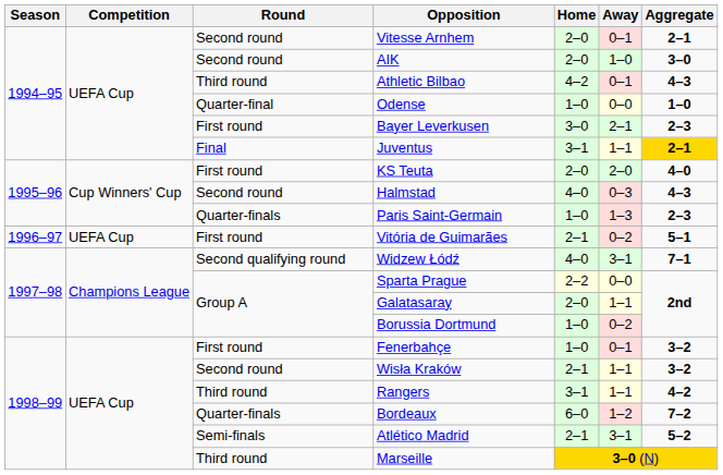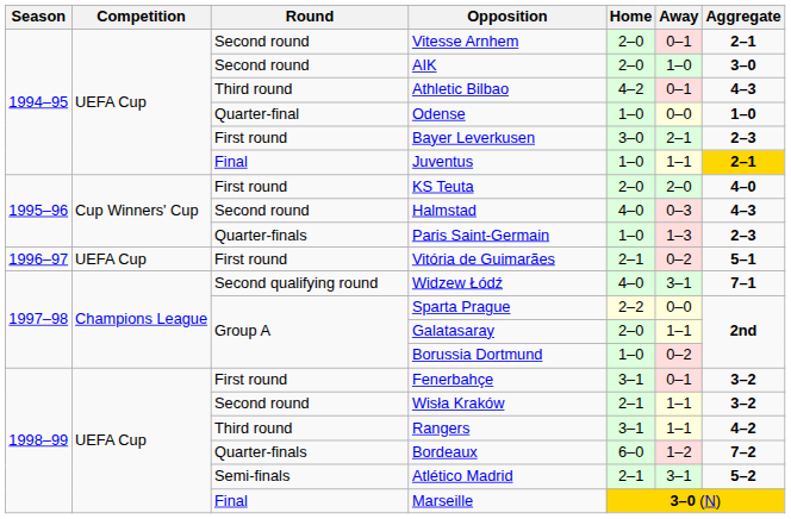 <table class="wikitable">
 <tr>
 <th>Season</th>
 <th>Competition</th>
 <th width=200>Round</th>
 <th width=200>Opposition</th>
 <th>Home</th>
 <th>Away</th>
 <th>Aggregate</th>
 </tr>
 <tr>
 <td rowspan="6"><a href='#'>1994–95</a></td>
 <td rowspan="6">UEFA Cup</td>
 <td>Second round</td>
 <td> <a href='#'>Vitesse Arnhem</a></td>
 <td style="text-align:center; background:#dfd;">2–0</td>
 <td style="text-align:center; background:#fdd;">0–1</td>
 <td style="text-align:center;"><strong>2–1</strong></td>
 </tr>
 <tr>
 <td>Second round</td>
 <td> <a href='#'>AIK</a></td>
 <td style="text-align:center; background:#dfd;">2–0</td>
 <td style="text-align:center; background:#dfd;">1–0</td>
 <td style="text-align:center;"><strong>3–0</strong></td>
 </tr>
 <tr>
 <td>Third round</td>
 <td> <a href='#'>Athletic Bilbao</a></td>
 <td style="text-align:center; background:#dfd;">4–2</td>
 <td style="text-align:center; background:#fdd;">0–1</td>
 <td style="text-align:center;"><strong>4–3</strong></td>
 </tr>
 <tr>
 <td>Quarter-final</td>
 <td> <a href='#'>Odense</a></td>
 <td style="text-align:center; background:#dfd;">1–0</td>
 <td style="text-align:center; background:#ffd;">0–0</td>
 <td style="text-align:center;"><strong>1–0</strong></td>
 </tr>
 <tr>
 <td>First round</td>
 <td> <a href='#'>Bayer Leverkusen</a></td>
 <td style="text-align:center; background:#dfd;">3–0</td>
 <td style="text-align:center; background:#dfd;">2–1</td>
 <td style="text-align:center;"><strong>2–3</strong></td>
 </tr>
 <tr>
 <td><a href='#'>Final</a></td>
 <td> <a href='#'>Juventus</a></td>
-<td style="text-align:center; background:#dfd;">3–1</td>
+<td style="text-align:center; background:#dfd;">1–0</td>
 <td style="text-align:center; background:#ffd;">1–1</td>
 <td bgcolor=Gold style="text-align:center;"><strong>2–1</strong></td>
 </tr>
 <tr>
 <td rowspan="3"><a href='#'>1995–96</a></td>
 <td rowspan="3">Cup Winners' Cup</td>
 <td>First round</td>
 <td> <a href='#'>KS Teuta</a></td>
 <td style="text-align:center; background:#dfd;">2–0</td>
 <td style="text-align:center; background:#dfd;">2–0</td>
 <td style="text-align:center;"><strong>4–0</strong></td>
 </tr>
 <tr>
 <td>Second round</td>
 <td> <a href='#'>Halmstad</a></td>
 <td style="text-align:center; background:#dfd;">4–0</td>
 <td style="text-align:center; background:#fdd;">0–3</td>
 <td style="text-align:center;"><strong>4–3</strong></td>
 </tr>
 <tr>
 <td>Quarter-finals</td>
 <td> <a href='#'>Paris Saint-Germain</a></td>
 <td style="text-align:center; background:#dfd;">1–0</td>
 <td style="text-align:center; background:#fdd;">1–3</td>
 <td style="text-align:center;"><strong>2–3</strong></td>
 </tr>
 <tr>
 <td><a href='#'>1996–97</a></td>
 <td>UEFA Cup</td>
 <td>First round</td>
 <td> <a href='#'>Vitória de Guimarães</a></td>
 <td style="text-align:center; background:#dfd;">2–1</td>
 <td style="text-align:center; background:#fdd;">0–2</td>
 <td style="text-align:center;"><strong>5–1</strong></td>
 </tr>
 <tr>
 <td rowspan="4"><a href='#'>1997–98</a></td>
 <td rowspan="4"><a href='#'>Champions League</a></td>
 <td>Second qualifying round</td>
 <td> <a href='#'>Widzew Łódź</a></td>
 <td style="text-align:center; background:#dfd;">4–0</td>
 <td style="text-align:center; background:#dfd;">3–1</td>
 <td style="text-align:center;"><strong>7–1</strong></td>
 </tr>
 <tr>
 <td rowspan="3">Group A</td>
 <td> <a href='#'>Sparta Prague</a></td>
 <td style="text-align:center; background:#ffd;">2–2</td>
 <td style="text-align:center; background:#ffd;">0–0</td>
 <td style="text-align:center;" rowspan=3><strong>2nd</strong></td>
 </tr>
 <tr>
 <td> <a href='#'>Galatasaray</a></td>
 <td style="text-align:center; background:#dfd;">2–0</td>
 <td style="text-align:center; background:#ffd;">1–1</td>
 </tr>
 <tr>
 <td> <a href='#'>Borussia Dortmund</a></td>
 <td style="text-align:center; background:#dfd;">1–0</td>
 <td style="text-align:center; background:#fdd;">0–2</td>
 </tr>
 <tr>
 <td rowspan="6"><a href='#'>1998–99</a></td>
 <td rowspan="6">UEFA Cup</td>
 <td>First round</td>
 <td> <a href='#'>Fenerbahçe</a></td>
-<td style="text-align:center; background:#dfd;">1–0</td>
+<td style="text-align:center; background:#dfd;">3–1</td>
 <td style="text-align:center; background:#fdd;">0–1</td>
 <td style="text-align:center;"><strong>3–2</strong></td>
 </tr>
 <tr>
 <td>Second round</td>
 <td> <a href='#'>Wisła Kraków</a></td>
 <td style="text-align:center; background:#dfd;">2–1</td>
 <td style="text-align:center; background:#ffd;">1–1</td>
 <td style="text-align:center;"><strong>3–2</strong></td>
 </tr>
 <tr>
 <td>Third round</td>
 <td> <a href='#'>Rangers</a></td>
 <td style="text-align:center; background:#dfd;">3–1</td>
 <td style="text-align:center; background:#ffd;">1–1</td>
 <td style="text-align:center;"><strong>4–2</strong></td>
 </tr>
 <tr>
 <td>Quarter-finals</td>
 <td> <a href='#'>Bordeaux</a></td>
 <td style="text-align:center; background:#dfd;">6–0</td>
 <td style="text-align:center; background:#fdd;">1–2</td>
 <td style="text-align:center;"><strong>7–2</strong></td>
 </tr>
 <tr>
 <td>Semi-finals</td>
 <td> <a href='#'>Atlético Madrid</a></td>
 <td style="text-align:center; background:#dfd;">2–1</td>
 <td style="text-align:center; background:#dfd;">3–1</td>
 <td style="text-align:center;"><strong>5–2</strong></td>
 </tr>
 <tr>
-<td>Third round</td>
+<td><a href='#'>Final</a></td>
 <td> <a href='#'>Marseille</a></td>
 <td bgcolor=Gold colspan="3" style="text-align:center;"><strong>3–0</strong> (<a href='#'>N</a>)</td>
 </tr>
 </table>
